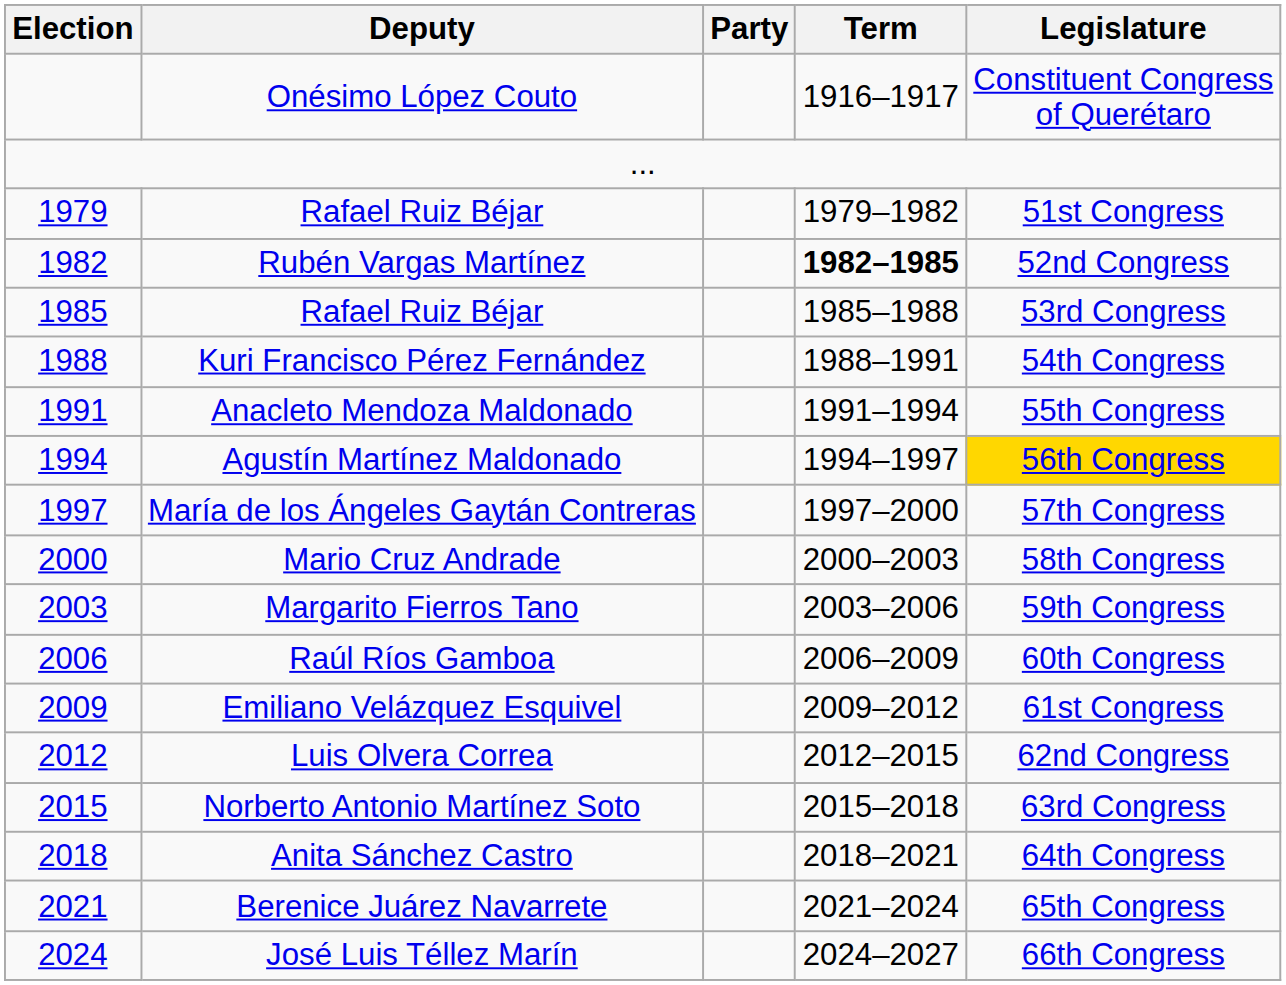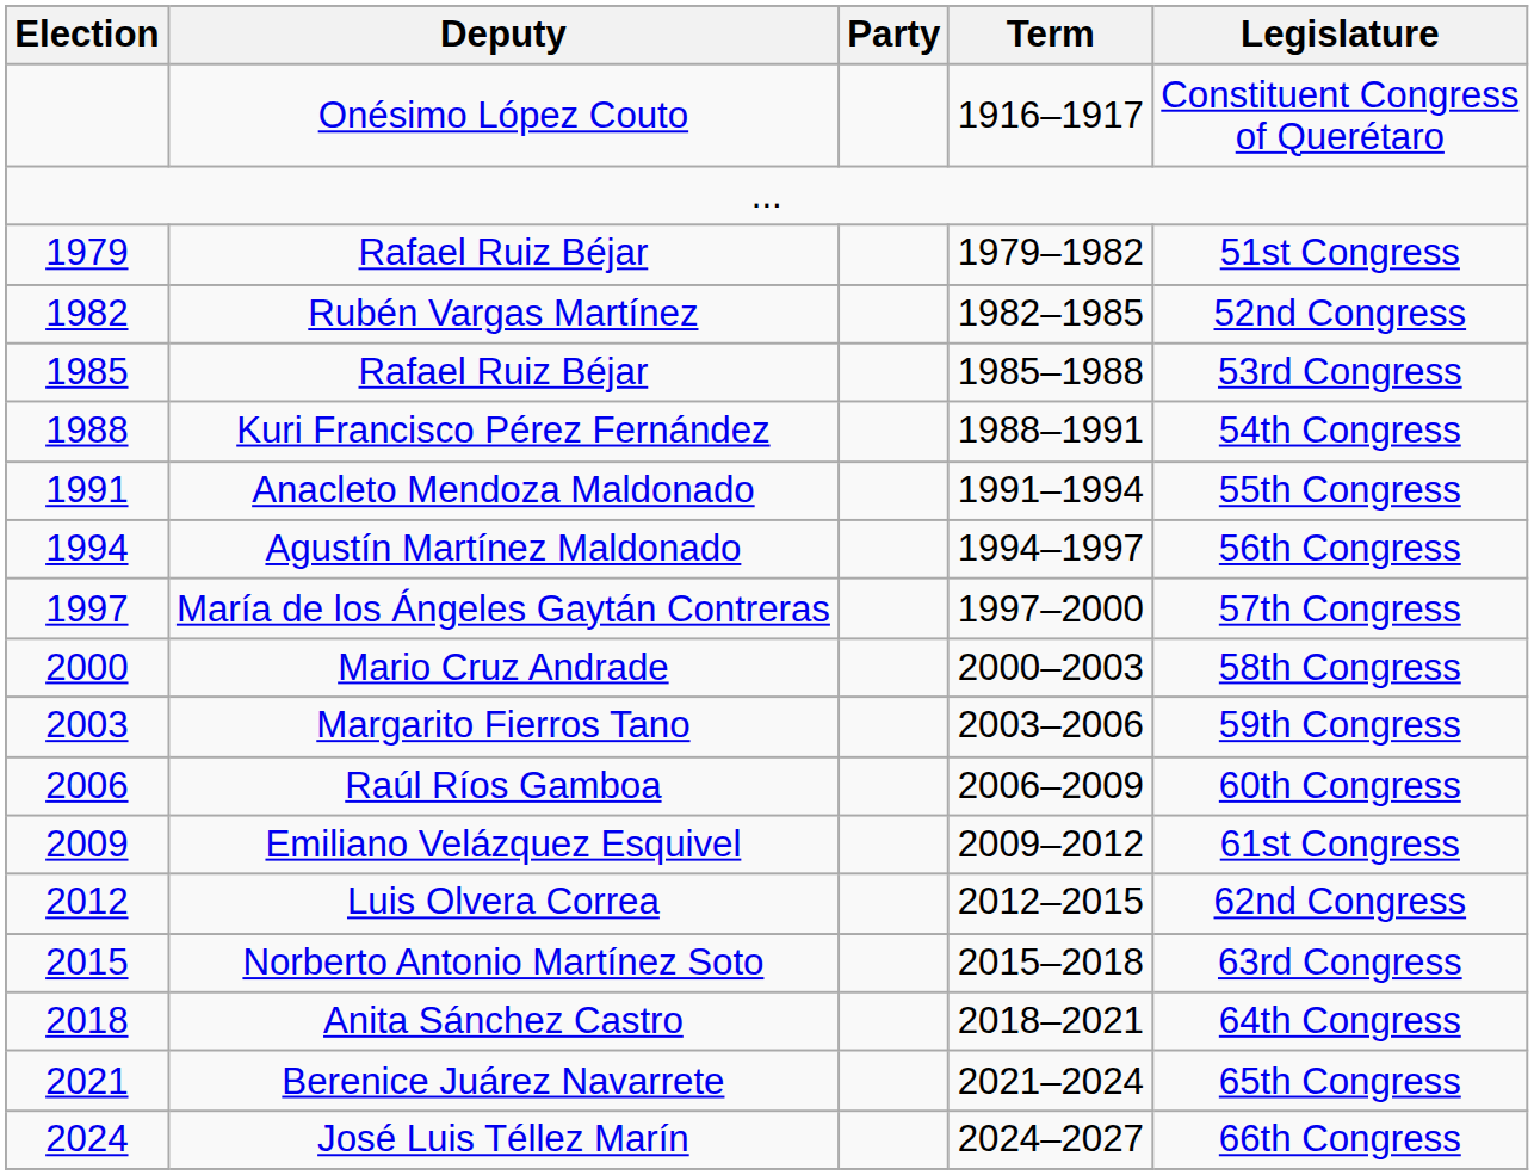 <table class="wikitable sortable" style="text-align: center">
 <tr>
 <th>Election</th>
 <th class="unsortable">Deputy</th>
 <th class="unsortable">Party</th>
 <th class="unsortable">Term</th>
 <th class="unsortable">Legislature</th>
 </tr>
 <tr>
 <td></td>
 <td><a href='#'>Onésimo López Couto</a></td>
 <td></td>
 <td>1916–1917</td>
 <td><a href='#'>Constituent Congress<br>of Querétaro</a></td>
 </tr>
 <tr>
 <td colspan=5> ...</td>
 </tr>
 <tr>
 <td><a href='#'>1979</a></td>
 <td><a href='#'>Rafael Ruiz Béjar</a></td>
 <td></td>
 <td>1979–1982</td>
 <td><a href='#'>51st Congress</a></td>
 </tr>
 <tr>
 <td><a href='#'>1982</a></td>
 <td><a href='#'>Rubén Vargas Martínez</a></td>
 <td></td>
-<td><strong>1982–1985</strong></td>
+<td>1982–1985</td>
 <td><a href='#'>52nd Congress</a></td>
 </tr>
 <tr>
 <td><a href='#'>1985</a></td>
 <td><a href='#'>Rafael Ruiz Béjar</a></td>
 <td></td>
 <td>1985–1988</td>
 <td><a href='#'>53rd Congress</a></td>
 </tr>
 <tr>
 <td><a href='#'>1988</a></td>
 <td><a href='#'>Kuri Francisco Pérez Fernández</a></td>
 <td></td>
 <td>1988–1991</td>
 <td><a href='#'>54th Congress</a></td>
 </tr>
 <tr>
 <td><a href='#'>1991</a></td>
 <td><a href='#'>Anacleto Mendoza Maldonado</a></td>
 <td></td>
 <td>1991–1994</td>
 <td><a href='#'>55th Congress</a></td>
 </tr>
 <tr>
 <td><a href='#'>1994</a></td>
 <td><a href='#'>Agustín Martínez Maldonado</a></td>
 <td></td>
 <td>1994–1997</td>
-<td style="background: gold;"><a href='#'>56th Congress</a></td>
+<td><a href='#'>56th Congress</a></td>
 </tr>
 <tr>
 <td><a href='#'>1997</a></td>
 <td><a href='#'>María de los Ángeles Gaytán Contreras</a></td>
 <td></td>
 <td>1997–2000</td>
 <td><a href='#'>57th Congress</a></td>
 </tr>
 <tr>
 <td><a href='#'>2000</a></td>
 <td><a href='#'>Mario Cruz Andrade</a></td>
 <td></td>
 <td>2000–2003</td>
 <td><a href='#'>58th Congress</a></td>
 </tr>
 <tr>
 <td><a href='#'>2003</a></td>
 <td><a href='#'>Margarito Fierros Tano</a></td>
 <td></td>
 <td>2003–2006</td>
 <td><a href='#'>59th Congress</a></td>
 </tr>
 <tr>
 <td><a href='#'>2006</a></td>
 <td><a href='#'>Raúl Ríos Gamboa</a></td>
 <td></td>
 <td>2006–2009</td>
 <td><a href='#'>60th Congress</a></td>
 </tr>
 <tr>
 <td><a href='#'>2009</a></td>
 <td><a href='#'>Emiliano Velázquez Esquivel</a></td>
 <td></td>
 <td>2009–2012</td>
 <td><a href='#'>61st Congress</a></td>
 </tr>
 <tr>
 <td><a href='#'>2012</a></td>
 <td><a href='#'>Luis Olvera Correa</a></td>
 <td></td>
 <td>2012–2015</td>
 <td><a href='#'>62nd Congress</a></td>
 </tr>
 <tr>
 <td><a href='#'>2015</a></td>
 <td><a href='#'>Norberto Antonio Martínez Soto</a></td>
 <td></td>
 <td>2015–2018</td>
 <td><a href='#'>63rd Congress</a></td>
 </tr>
 <tr>
 <td><a href='#'>2018</a></td>
 <td><a href='#'>Anita Sánchez Castro</a></td>
 <td></td>
 <td>2018–2021</td>
 <td><a href='#'>64th Congress</a></td>
 </tr>
 <tr>
 <td><a href='#'>2021</a></td>
 <td><a href='#'>Berenice Juárez Navarrete</a></td>
 <td></td>
 <td>2021–2024</td>
 <td><a href='#'>65th Congress</a></td>
 </tr>
 <tr>
 <td><a href='#'>2024</a></td>
 <td><a href='#'>José Luis Téllez Marín</a></td>
 <td></td>
 <td>2024–2027</td>
 <td><a href='#'>66th Congress</a></td>
 </tr>
 </table>
